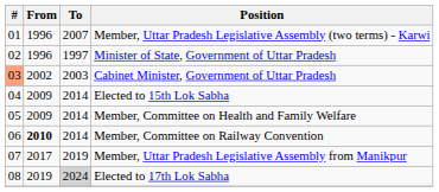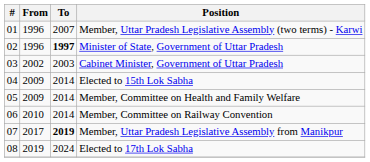 <table class="wikitable sortable">
 <tr>
 <th>#</th>
 <th>From</th>
 <th>To</th>
 <th>Position</th>
 </tr>
 <tr>
 <td>01</td>
 <td>1996</td>
 <td>2007</td>
 <td>Member, <a href='#'>Uttar Pradesh Legislative Assembly</a> (two terms) - <a href='#'>Karwi</a></td>
 </tr>
 <tr>
 <td>02</td>
 <td>1996</td>
-<td>1997</td>
+<td><strong>1997</strong></td>
 <td><a href='#'>Minister of State</a>, <a href='#'>Government of Uttar Pradesh</a></td>
 </tr>
 <tr>
-<td style="background: lightsalmon;">03</td>
+<td>03</td>
 <td>2002</td>
 <td>2003</td>
 <td><a href='#'>Cabinet Minister</a>, <a href='#'>Government of Uttar Pradesh</a></td>
 </tr>
 <tr>
 <td>04</td>
 <td>2009</td>
 <td>2014</td>
 <td>Elected to <a href='#'>15th Lok Sabha</a></td>
 </tr>
 <tr>
 <td>05</td>
 <td>2009</td>
 <td>2014</td>
 <td>Member, Committee on Health and Family Welfare</td>
 </tr>
 <tr>
 <td>06</td>
-<td><strong>2010</strong></td>
+<td>2010</td>
 <td>2014</td>
 <td>Member, Committee on Railway Convention</td>
 </tr>
 <tr>
 <td>07</td>
 <td>2017</td>
-<td>2019</td>
+<td><strong>2019</strong></td>
 <td>Member, <a href='#'>Uttar Pradesh Legislative Assembly</a> from <a href='#'>Manikpur</a></td>
 </tr>
 <tr>
 <td>08</td>
 <td>2019</td>
-<td style="background: lightgrey;">2024</td>
+<td>2024</td>
 <td>Elected to <a href='#'>17th Lok Sabha</a></td>
 </tr>
 <tr>
 </tr>
 </table>
